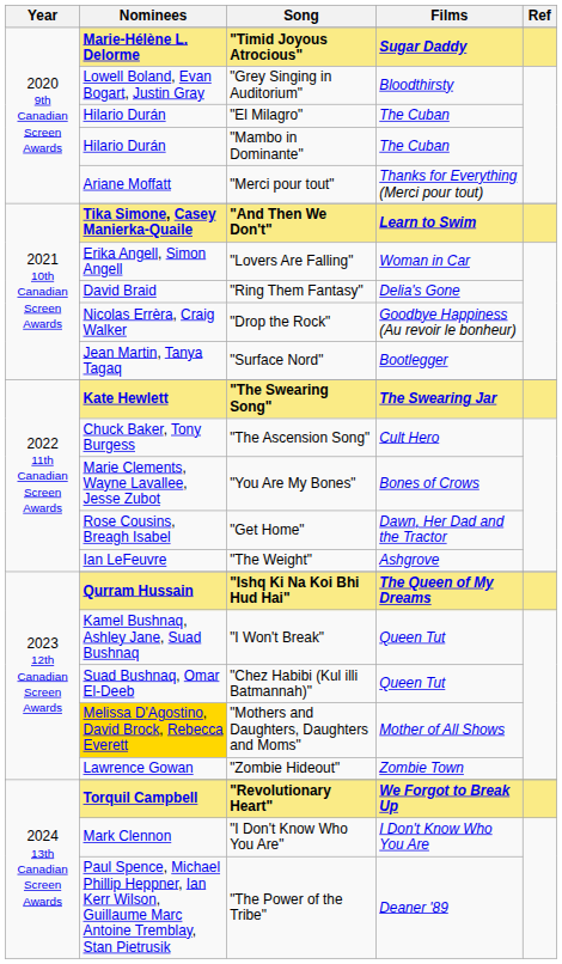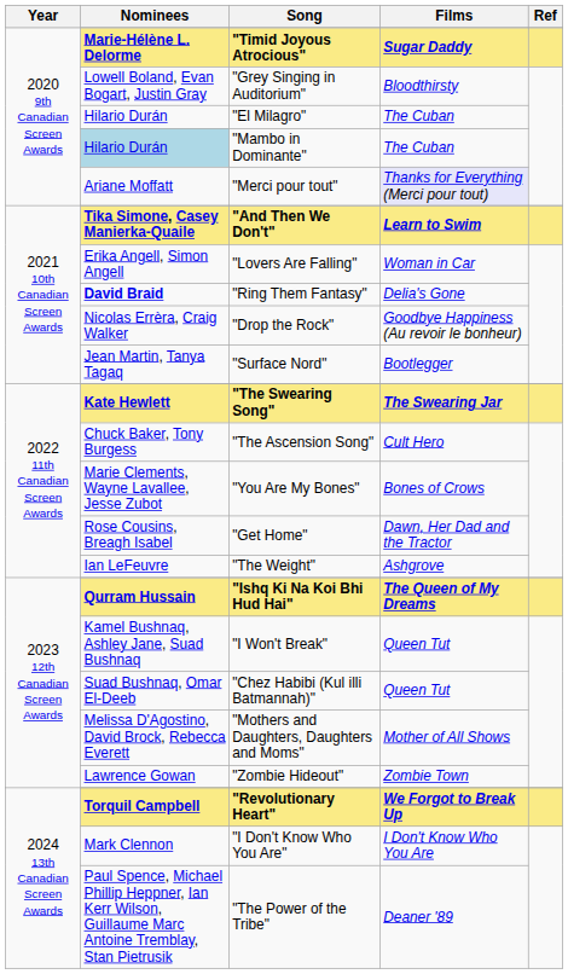 <table class="wikitable" style="width:100%;">
 <tr style="background:#bebebe;">
 <th style="width:8%;">Year</th>
 <th style="width:19%;">Nominees</th>
 <th style="width:19%;">Song</th>
 <th style="width:19%;">Films</th>
 <th style="width:2%;">Ref</th>
 </tr>
 <tr>
 <td rowspan="6" align="center">2020 <br> <small><a href='#'>9th Canadian Screen Awards</a></small></td>
 </tr>
 <tr style="background:#FAEB86;">
 <td><strong><a href='#'>Marie-Hélène L. Delorme</a></strong></td>
 <td><strong>"Timid Joyous Atrocious"</strong></td>
 <td><strong><em><a href='#'>Sugar Daddy</a></em></strong></td>
 <td></td>
 </tr>
 <tr>
 <td><a href='#'>Lowell Boland</a>, <a href='#'>Evan Bogart</a>, <a href='#'>Justin Gray</a></td>
 <td>"Grey Singing in Auditorium"</td>
 <td><em><a href='#'>Bloodthirsty</a></em></td>
 <td rowspan=4></td>
 </tr>
 <tr>
 <td><a href='#'>Hilario Durán</a></td>
 <td>"El Milagro"</td>
 <td><em><a href='#'>The Cuban</a></em></td>
 </tr>
 <tr>
-<td><a href='#'>Hilario Durán</a></td>
+<td style="background: lightblue;"><a href='#'>Hilario Durán</a></td>
 <td>"Mambo in Dominante"</td>
 <td><em><a href='#'>The Cuban</a></em></td>
 </tr>
 <tr>
 <td><a href='#'>Ariane Moffatt</a></td>
 <td>"Merci pour tout"</td>
-<td><em><a href='#'>Thanks for Everything</a> (Merci pour tout)</em></td>
+<td style="background: lavender;"><em><a href='#'>Thanks for Everything</a> (Merci pour tout)</em></td>
 </tr>
 <tr>
 <td rowspan="6" align="center">2021 <br> <small><a href='#'>10th Canadian Screen Awards</a></small></td>
 </tr>
 <tr style="background:#FAEB86;">
 <td><strong><a href='#'>Tika Simone</a>, <a href='#'>Casey Manierka-Quaile</a></strong></td>
 <td><strong>"And Then We Don't"</strong></td>
 <td><strong><em><a href='#'>Learn to Swim</a></em></strong></td>
 <td></td>
 </tr>
 <tr>
 <td><a href='#'>Erika Angell</a>, <a href='#'>Simon Angell</a></td>
 <td>"Lovers Are Falling"</td>
 <td><em><a href='#'>Woman in Car</a></em></td>
 <td rowspan=4></td>
 </tr>
 <tr>
-<td><a href='#'>David Braid</a></td>
+<td><strong><a href='#'>David Braid</a></strong></td>
 <td>"Ring Them Fantasy"</td>
 <td><em><a href='#'>Delia's Gone</a></em></td>
 </tr>
 <tr>
 <td><a href='#'>Nicolas Errèra</a>, <a href='#'>Craig Walker</a></td>
 <td>"Drop the Rock"</td>
 <td><em><a href='#'>Goodbye Happiness</a> (Au revoir le bonheur)</em></td>
 </tr>
 <tr>
 <td><a href='#'>Jean Martin</a>, <a href='#'>Tanya Tagaq</a></td>
 <td>"Surface Nord"</td>
 <td><em><a href='#'>Bootlegger</a></em></td>
 </tr>
 <tr>
 <td rowspan="6" align="center">2022 <br> <small><a href='#'>11th Canadian Screen Awards</a></small></td>
 </tr>
 <tr style="background:#FAEB86;">
 <td><strong><a href='#'>Kate Hewlett</a></strong></td>
 <td><strong>"The Swearing Song"</strong></td>
 <td><strong><em><a href='#'>The Swearing Jar</a></em></strong></td>
 <td></td>
 </tr>
 <tr>
 <td><a href='#'>Chuck Baker</a>, <a href='#'>Tony Burgess</a></td>
 <td>"The Ascension Song"</td>
 <td><em><a href='#'>Cult Hero</a></em></td>
 <td rowspan=4></td>
 </tr>
 <tr>
 <td><a href='#'>Marie Clements</a>, <a href='#'>Wayne Lavallee</a>, <a href='#'>Jesse Zubot</a></td>
 <td>"You Are My Bones"</td>
 <td><em><a href='#'>Bones of Crows</a></em></td>
 </tr>
 <tr>
 <td><a href='#'>Rose Cousins</a>, <a href='#'>Breagh Isabel</a></td>
 <td>"Get Home"</td>
 <td><em><a href='#'>Dawn, Her Dad and the Tractor</a></em></td>
 </tr>
 <tr>
 <td><a href='#'>Ian LeFeuvre</a></td>
 <td>"The Weight"</td>
 <td><em><a href='#'>Ashgrove</a></em></td>
 </tr>
 <tr>
 <td rowspan="6" align="center">2023 <br> <small><a href='#'>12th Canadian Screen Awards</a></small></td>
 </tr>
 <tr style="background:#FAEB86;">
 <td><strong><a href='#'>Qurram Hussain</a></strong></td>
 <td><strong>"Ishq Ki Na Koi Bhi Hud Hai"</strong></td>
 <td><strong><em><a href='#'>The Queen of My Dreams</a></em></strong></td>
 <td></td>
 </tr>
 <tr>
 <td><a href='#'>Kamel Bushnaq</a>, <a href='#'>Ashley Jane</a>, <a href='#'>Suad Bushnaq</a></td>
 <td>"I Won't Break"</td>
 <td><em><a href='#'>Queen Tut</a></em></td>
 <td rowspan=4></td>
 </tr>
 <tr>
 <td><a href='#'>Suad Bushnaq</a>, <a href='#'>Omar El-Deeb</a></td>
 <td>"Chez Habibi (Kul illi Batmannah)"</td>
 <td><em><a href='#'>Queen Tut</a></em></td>
 </tr>
 <tr>
-<td style="background: gold;"><a href='#'>Melissa D'Agostino</a>, <a href='#'>David Brock</a>, <a href='#'>Rebecca Everett</a></td>
+<td><a href='#'>Melissa D'Agostino</a>, <a href='#'>David Brock</a>, <a href='#'>Rebecca Everett</a></td>
 <td>"Mothers and Daughters, Daughters and Moms"</td>
 <td><em><a href='#'>Mother of All Shows</a></em></td>
 </tr>
 <tr>
 <td><a href='#'>Lawrence Gowan</a></td>
 <td>"Zombie Hideout"</td>
 <td><em><a href='#'>Zombie Town</a></em></td>
 </tr>
 <tr>
 <td rowspan="4" align="center">2024 <br> <small><a href='#'>13th Canadian Screen Awards</a></small></td>
 </tr>
 <tr style="background:#FAEB86;">
 <td><strong><a href='#'>Torquil Campbell</a></strong></td>
 <td><strong>"Revolutionary Heart"</strong></td>
 <td><strong><em><a href='#'>We Forgot to Break Up</a></em></strong></td>
 <td></td>
 </tr>
 <tr>
 <td><a href='#'>Mark Clennon</a></td>
 <td>"I Don't Know Who You Are"</td>
 <td><em><a href='#'>I Don't Know Who You Are</a></em></td>
 <td rowspan=2></td>
 </tr>
 <tr>
 <td><a href='#'>Paul Spence</a>, <a href='#'>Michael Phillip Heppner</a>, <a href='#'>Ian Kerr Wilson</a>, <a href='#'>Guillaume Marc Antoine Tremblay</a>, <a href='#'>Stan Pietrusik</a></td>
 <td>"The Power of the Tribe"</td>
 <td><em><a href='#'>Deaner '89</a></em></td>
 </tr>
 </table>
